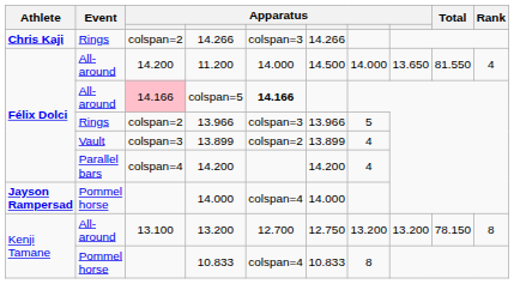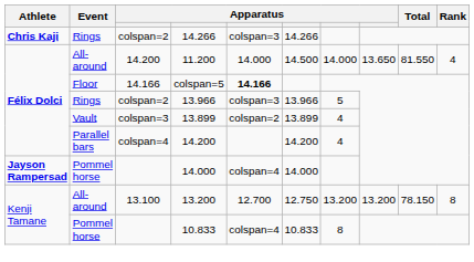 <table class="wikitable" style="font-size:90%">
 <tr>
 <th rowspan=2>Athlete</th>
 <th rowspan=2>Event</th>
 <th colspan=6>Apparatus</th>
 <th rowspan=2>Total</th>
 <th rowspan=2>Rank</th>
 </tr>
 <tr style="font-size:95%">
 <th></th>
 <th></th>
 <th></th>
 <th></th>
 <th></th>
 <th></th>
 </tr>
 <tr align=center>
 <td align=left><strong><a href='#'>Chris Kaji</a></strong></td>
 <td align=left><a href='#'>Rings</a></td>
 <td>colspan=2 </td>
 <td>14.266</td>
 <td>colspan=3 </td>
 <td>14.266</td>
 <td></td>
 </tr>
 <tr align=center>
 <td align=left rowspan=5><strong><a href='#'>Félix Dolci</a></strong></td>
 <td align=left><a href='#'>All-around</a></td>
 <td>14.200</td>
 <td>11.200</td>
 <td>14.000</td>
 <td>14.500</td>
 <td>14.000</td>
 <td>13.650</td>
 <td>81.550</td>
 <td>4</td>
 </tr>
 <tr align=center>
-<td align=left><a href='#'>All-around</a></td>
-<td style="background: pink;">14.166</td>
+<td align=left><a href='#'>Floor</a></td>
+<td>14.166</td>
 <td>colspan=5 </td>
 <td><strong>14.166</strong></td>
 <td></td>
 </tr>
 <tr align=center>
 <td align=left><a href='#'>Rings</a></td>
 <td>colspan=2 </td>
 <td>13.966</td>
 <td>colspan=3 </td>
 <td>13.966</td>
 <td>5</td>
 </tr>
 <tr align=center>
 <td align=left><a href='#'>Vault</a></td>
 <td>colspan=3 </td>
 <td>13.899</td>
 <td>colspan=2 </td>
 <td>13.899</td>
 <td>4</td>
 </tr>
 <tr align=center>
 <td align=left><a href='#'>Parallel bars</a></td>
 <td>colspan=4 </td>
 <td>14.200</td>
 <td></td>
 <td>14.200</td>
 <td>4</td>
 </tr>
 <tr align=center>
 <td align=left><strong><a href='#'>Jayson Rampersad</a></strong></td>
 <td align=left><a href='#'>Pommel horse</a></td>
 <td></td>
 <td>14.000</td>
 <td>colspan=4 </td>
 <td>14.000</td>
 <td></td>
 </tr>
 <tr align=center>
 <td align=left rowspan=2><a href='#'>Kenji Tamane</a></td>
 <td align=left><a href='#'>All-around</a></td>
 <td>13.100</td>
 <td>13.200</td>
 <td>12.700</td>
 <td>12.750</td>
 <td>13.200</td>
 <td>13.200</td>
 <td>78.150</td>
 <td>8</td>
 </tr>
 <tr align=center>
 <td align=left><a href='#'>Pommel horse</a></td>
 <td></td>
 <td>10.833</td>
 <td>colspan=4 </td>
 <td>10.833</td>
 <td>8</td>
 </tr>
 </table>
